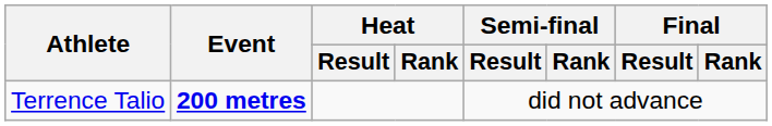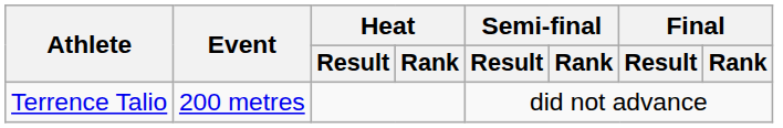 <table class=wikitable style=font-size:90%>
 <tr>
 <th rowspan=2>Athlete</th>
 <th rowspan=2>Event</th>
 <th colspan=2>Heat</th>
 <th colspan=2>Semi-final</th>
 <th colspan=2>Final</th>
 </tr>
 <tr style=font-size:95%>
 <th>Result</th>
 <th>Rank</th>
 <th>Result</th>
 <th>Rank</th>
 <th>Result</th>
 <th>Rank</th>
 </tr>
 <tr align=center>
 <td align=left><a href='#'>Terrence Talio</a></td>
-<td align=left><strong><a href='#'>200 metres</a></strong></td>
+<td align=left><a href='#'>200 metres</a></td>
 <td colspan=2></td>
 <td colspan=4>did not advance</td>
 </tr>
 </table>
